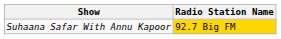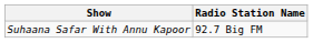 <table class="wikitable">
 <tr>
 <th>Show</th>
 <th>Radio Station Name</th>
 </tr>
 <tr>
 <td><em>Suhaana Safar With Annu Kapoor</em></td>
-<td style="background: gold;">92.7 Big FM</td>
+<td>92.7 Big FM</td>
 </tr>
 </table>
